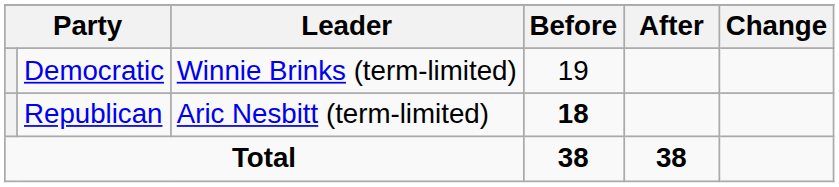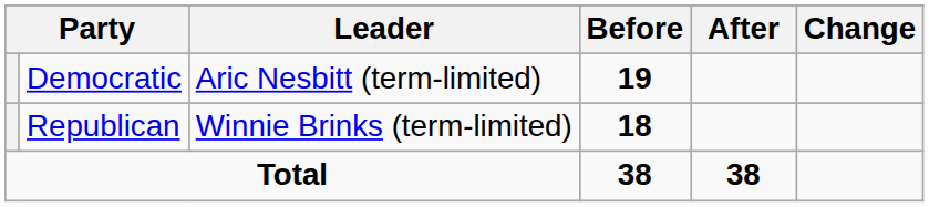 <table class="wikitable" style="text-align:center;">
 <tr>
 </tr>
 <tr>
 <th colspan=2>Party</th>
 <th>Leader</th>
 <th style="width:3em">Before</th>
 <th style="width:3em">After</th>
 <th style="width:3em">Change</th>
 </tr>
 <tr>
 <th style="background-color:"></th>
 <td style="text-align:left;"><a href='#'>Democratic</a></td>
-<td style="text-align:left;"><a href='#'>Winnie Brinks</a> (term-limited)</td>
-<td>19</td>
+<td style="text-align:left;"><a href='#'>Aric Nesbitt</a> (term-limited)</td>
+<td><strong>19</strong></td>
 <td></td>
 <td></td>
 </tr>
 <tr>
 <th style="background-color:"></th>
 <td style="text-align:left;"><a href='#'>Republican</a></td>
-<td style="text-align:left;"><a href='#'>Aric Nesbitt</a> (term-limited)</td>
+<td style="text-align:left;"><a href='#'>Winnie Brinks</a> (term-limited)</td>
 <td><strong>18</strong></td>
 <td></td>
 <td></td>
 </tr>
 <tr>
 <td colspan=3><strong>Total</strong></td>
 <td><strong>38</strong></td>
 <td><strong>38</strong></td>
 <td></td>
 </tr>
 </table>
